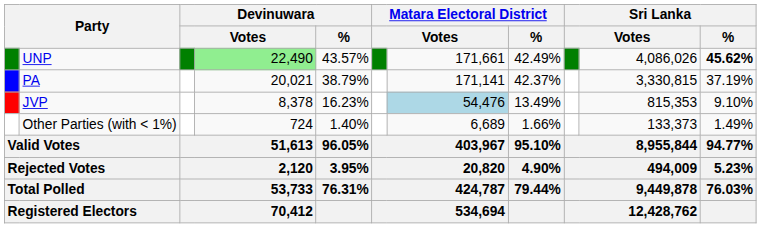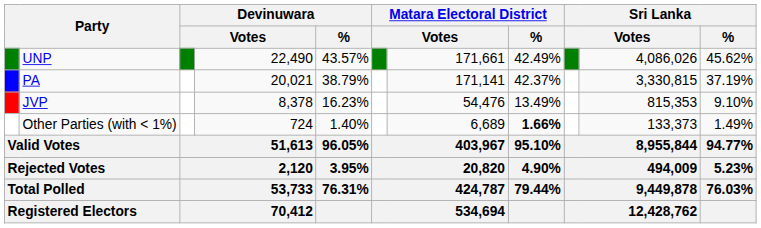 <table class="wikitable">
 <tr>
 <th colspan="2" width="144px"rowspan="2">Party</th>
 <th colspan="3" width="216px">Devinuwara</th>
 <th colspan="3" width="216px"><a href='#'>Matara Electoral District</a></th>
 <th colspan="3" width="216px">Sri Lanka</th>
 </tr>
 <tr>
 <th colspan="2" width="144px">Votes</th>
 <th>%</th>
 <th colspan="2" width="144px">Votes</th>
 <th>%</th>
 <th colspan="2" width="144px">Votes</th>
 <th>%</th>
 </tr>
 <tr>
 <td style="background-color:green;" width="10px"></td>
 <td style="text-align:left;"><a href='#'>UNP</a></td>
 <td style="background-color:green;" width="10px"></td>
-<td style="background: lightgreen; text-align:right;">22,490</td>
+<td style="text-align:right;">22,490</td>
 <td style="text-align:right;">43.57%</td>
 <td style="background-color:green;" width="10px"></td>
 <td style="text-align:right;">171,661</td>
 <td style="text-align:right;">42.49%</td>
 <td style="background-color:green;" width="10px"></td>
 <td style="text-align:right;">4,086,026</td>
-<td style="text-align:right;"><strong>45.62%</strong></td>
+<td style="text-align:right;">45.62%</td>
 </tr>
 <tr>
 <td style="background-color:blue;" width="10px"></td>
 <td style="text-align:left;"><a href='#'>PA</a></td>
 <td style="background-color:white;" width="10px"></td>
 <td style="text-align:right;">20,021</td>
 <td style="text-align:right;">38.79%</td>
 <td style="background-color:white;" width="10px"></td>
 <td style="text-align:right;">171,141</td>
 <td style="text-align:right;">42.37%</td>
 <td style="background-color:white;" width="10px"></td>
 <td style="text-align:right;">3,330,815</td>
 <td style="text-align:right;">37.19%</td>
 </tr>
 <tr>
 <td style="background-color:red;" width="10px"></td>
 <td style="text-align:left;"><a href='#'>JVP</a></td>
 <td style="background-color:white;" width="10px"></td>
 <td style="text-align:right;">8,378</td>
 <td style="text-align:right;">16.23%</td>
 <td style="background-color:white;" width="10px"></td>
-<td style="background: lightblue; text-align:right;">54,476</td>
+<td style="text-align:right;">54,476</td>
 <td style="text-align:right;">13.49%</td>
 <td style="background-color:white;" width="10px"></td>
 <td style="text-align:right;">815,353</td>
 <td style="text-align:right;">9.10%</td>
 </tr>
 <tr>
 <td style="background-color:white;" width="10px"></td>
 <td style="text-align:left;">Other Parties (with < 1%)</td>
 <td style="background-color:white;" width="10px"></td>
 <td style="text-align:right;">724</td>
 <td style="text-align:right;">1.40%</td>
 <td style="background-color:white;" width="10px"></td>
 <td style="text-align:right;">6,689</td>
-<td style="text-align:right;">1.66%</td>
+<td style="text-align:right;"><strong>1.66%</strong></td>
 <td style="background-color:white;" width="10px"></td>
 <td style="text-align:right;">133,373</td>
 <td style="text-align:right;">1.49%</td>
 </tr>
 <tr>
 <th colspan="2" width="144px"style="text-align:left;">Valid Votes</th>
 <th style="text-align:right;"colspan="2" width="144px">51,613</th>
 <th style="text-align:right;">96.05%</th>
 <th style="text-align:right;"colspan="2" width="144px">403,967</th>
 <th style="text-align:right;">95.10%</th>
 <th style="text-align:right;"colspan="2" width="144px">8,955,844</th>
 <th style="text-align:right;">94.77%</th>
 </tr>
 <tr>
 <th colspan="2" width="144px"style="text-align:left;">Rejected Votes</th>
 <th style="text-align:right;"colspan="2" width="144px">2,120</th>
 <th style="text-align:right;">3.95%</th>
 <th style="text-align:right;"colspan="2" width="144px">20,820</th>
 <th style="text-align:right;">4.90%</th>
 <th style="text-align:right;"colspan="2" width="144px">494,009</th>
 <th style="text-align:right;">5.23%</th>
 </tr>
 <tr>
 <th colspan="2" width="144px"style="text-align:left;">Total Polled</th>
 <th style="text-align:right;"colspan="2" width="144px">53,733</th>
 <th style="text-align:right;">76.31%</th>
 <th style="text-align:right;"colspan="2" width="144px">424,787</th>
 <th style="text-align:right;">79.44%</th>
 <th style="text-align:right;"colspan="2" width="144px">9,449,878</th>
 <th style="text-align:right;">76.03%</th>
 </tr>
 <tr>
 <th colspan="2" width="144px"style="text-align:left;">Registered Electors</th>
 <th style="text-align:right;"colspan="2" width="144px">70,412</th>
 <th></th>
 <th style="text-align:right;"colspan="2" width="144px">534,694</th>
 <th></th>
 <th style="text-align:right;"colspan="2" width="144px">12,428,762</th>
 <th></th>
 </tr>
 </table>
